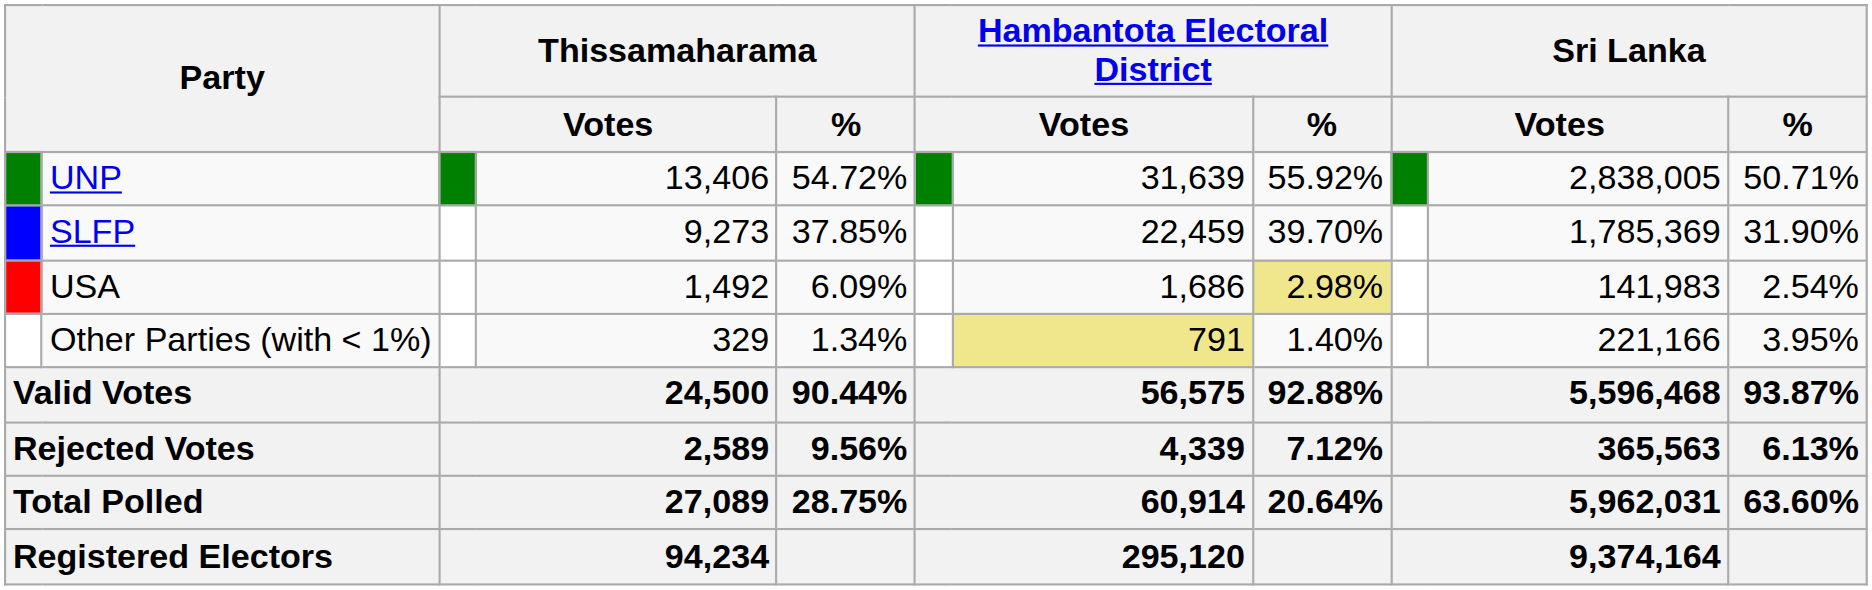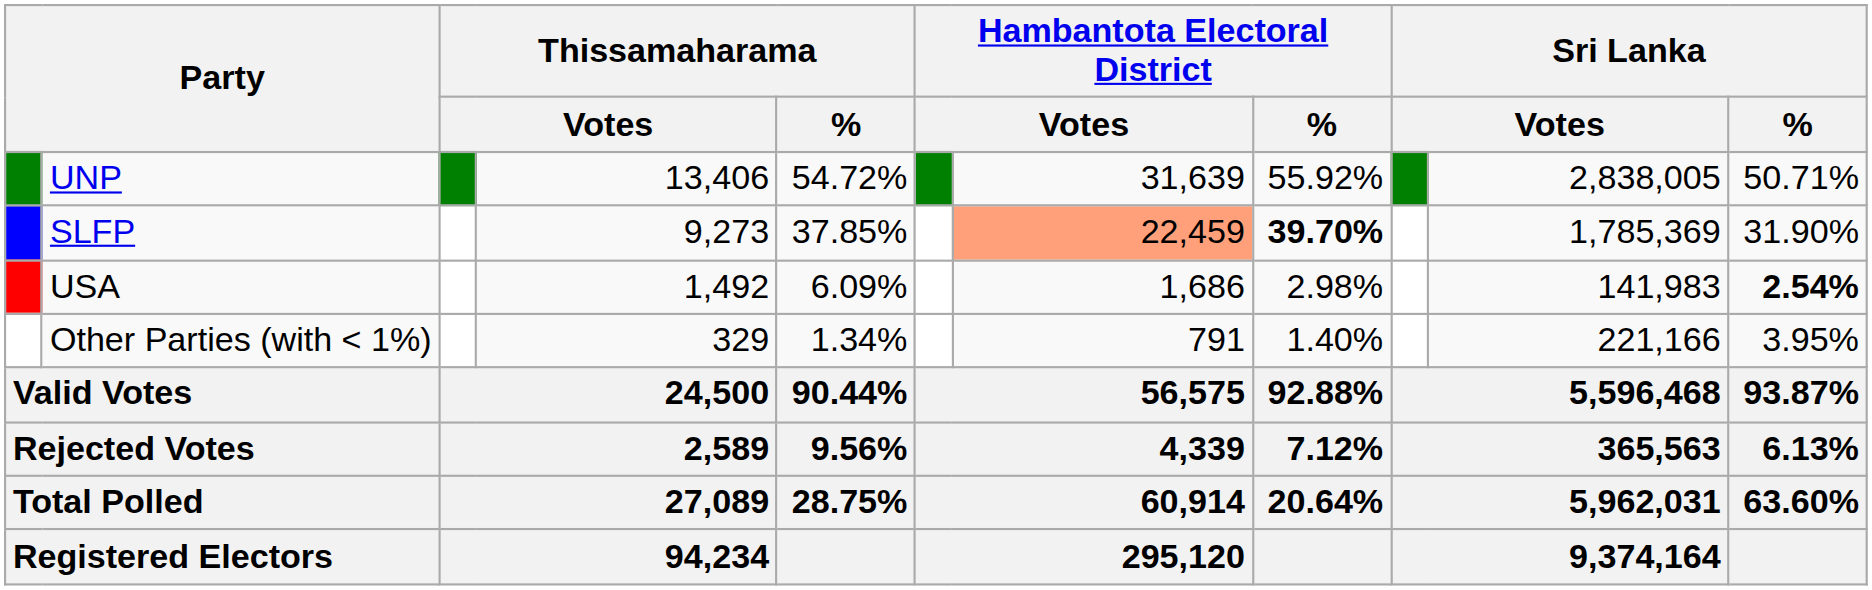 <table class="wikitable">
 <tr>
 <th colspan="2" width="144px"rowspan="2">Party</th>
 <th colspan="3" width="216px">Thissamaharama</th>
 <th colspan="3" width="216px"><a href='#'>Hambantota Electoral District</a></th>
 <th colspan="3" width="216px">Sri Lanka</th>
 </tr>
 <tr>
 <th colspan="2" width="144px">Votes</th>
 <th>%</th>
 <th colspan="2" width="144px">Votes</th>
 <th>%</th>
 <th colspan="2" width="144px">Votes</th>
 <th>%</th>
 </tr>
 <tr>
 <td style="background-color:green;" width="10px"></td>
 <td style="text-align:left;"><a href='#'>UNP</a></td>
 <td style="background-color:green;" width="10px"></td>
 <td style="text-align:right;">13,406</td>
 <td style="text-align:right;">54.72%</td>
 <td style="background-color:green;" width="10px"></td>
 <td style="text-align:right;">31,639</td>
 <td style="text-align:right;">55.92%</td>
 <td style="background-color:green;" width="10px"></td>
 <td style="text-align:right;">2,838,005</td>
 <td style="text-align:right;">50.71%</td>
 </tr>
 <tr>
 <td style="background-color:blue;" width="10px"></td>
 <td style="text-align:left;"><a href='#'>SLFP</a></td>
 <td style="background-color:white;" width="10px"></td>
 <td style="text-align:right;">9,273</td>
 <td style="text-align:right;">37.85%</td>
 <td style="background-color:white;" width="10px"></td>
-<td style="text-align:right;">22,459</td>
-<td style="text-align:right;">39.70%</td>
+<td style="background: lightsalmon; text-align:right;">22,459</td>
+<td style="text-align:right;"><strong>39.70%</strong></td>
 <td style="background-color:white;" width="10px"></td>
 <td style="text-align:right;">1,785,369</td>
 <td style="text-align:right;">31.90%</td>
 </tr>
 <tr>
 <td style="background-color:red;" width="10px"></td>
 <td style="text-align:left;">USA</td>
 <td style="background-color:white;" width="10px"></td>
 <td style="text-align:right;">1,492</td>
 <td style="text-align:right;">6.09%</td>
 <td style="background-color:white;" width="10px"></td>
 <td style="text-align:right;">1,686</td>
-<td style="background: khaki; text-align:right;">2.98%</td>
+<td style="text-align:right;">2.98%</td>
 <td style="background-color:white;" width="10px"></td>
 <td style="text-align:right;">141,983</td>
-<td style="text-align:right;">2.54%</td>
+<td style="text-align:right;"><strong>2.54%</strong></td>
 </tr>
 <tr>
 <td style="background-color:white;" width="10px"></td>
 <td style="text-align:left;">Other Parties (with < 1%)</td>
 <td style="background-color:white;" width="10px"></td>
 <td style="text-align:right;">329</td>
 <td style="text-align:right;">1.34%</td>
 <td style="background-color:white;" width="10px"></td>
-<td style="background: khaki; text-align:right;">791</td>
+<td style="text-align:right;">791</td>
 <td style="text-align:right;">1.40%</td>
 <td style="background-color:white;" width="10px"></td>
 <td style="text-align:right;">221,166</td>
 <td style="text-align:right;">3.95%</td>
 </tr>
 <tr>
 <th colspan="2" width="144px"style="text-align:left;">Valid Votes</th>
 <th style="text-align:right;"colspan="2" width="144px">24,500</th>
 <th style="text-align:right;">90.44%</th>
 <th style="text-align:right;"colspan="2" width="144px">56,575</th>
 <th style="text-align:right;">92.88%</th>
 <th style="text-align:right;"colspan="2" width="144px">5,596,468</th>
 <th style="text-align:right;">93.87%</th>
 </tr>
 <tr>
 <th colspan="2" width="144px"style="text-align:left;">Rejected Votes</th>
 <th style="text-align:right;"colspan="2" width="144px">2,589</th>
 <th style="text-align:right;">9.56%</th>
 <th style="text-align:right;"colspan="2" width="144px">4,339</th>
 <th style="text-align:right;">7.12%</th>
 <th style="text-align:right;"colspan="2" width="144px">365,563</th>
 <th style="text-align:right;">6.13%</th>
 </tr>
 <tr>
 <th colspan="2" width="144px"style="text-align:left;">Total Polled</th>
 <th style="text-align:right;"colspan="2" width="144px">27,089</th>
 <th style="text-align:right;">28.75%</th>
 <th style="text-align:right;"colspan="2" width="144px">60,914</th>
 <th style="text-align:right;">20.64%</th>
 <th style="text-align:right;"colspan="2" width="144px">5,962,031</th>
 <th style="text-align:right;">63.60%</th>
 </tr>
 <tr>
 <th colspan="2" width="144px"style="text-align:left;">Registered Electors</th>
 <th style="text-align:right;"colspan="2" width="144px">94,234</th>
 <th></th>
 <th style="text-align:right;"colspan="2" width="144px">295,120</th>
 <th></th>
 <th style="text-align:right;"colspan="2" width="144px">9,374,164</th>
 <th></th>
 </tr>
 </table>
